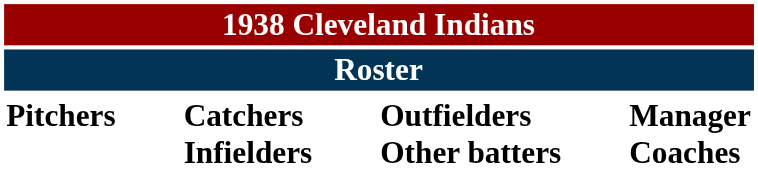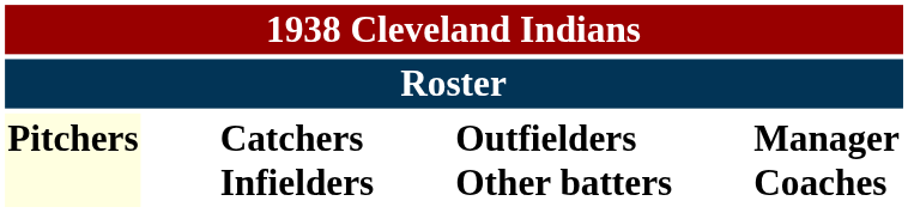 <table class="toccolours" style="font-size: 95%;">
 <tr>
 <th colspan="10" style="background-color: #990000; color: white; text-align: center;">1938 Cleveland Indians</th>
 </tr>
 <tr>
 <td colspan="10" style="background-color: #023456; color: white; text-align: center;"><strong>Roster</strong></td>
 </tr>
 <tr>
-<td valign="top"><strong>Pitchers</strong><br>            </td>
+<td valign="top" style="background: lightyellow;"><strong>Pitchers</strong><br>            </td>
 <td width="25px"></td>
 <td valign="top"><strong>Catchers</strong><br>   <strong>Infielders</strong>          </td>
 <td width="25px"></td>
 <td valign="top"><strong>Outfielders</strong><br>      <strong>Other batters</strong> </td>
 <td width="25px"></td>
 <td valign="top"><strong>Manager</strong><br> <strong>Coaches</strong>  </td>
 </tr>
 </table>
